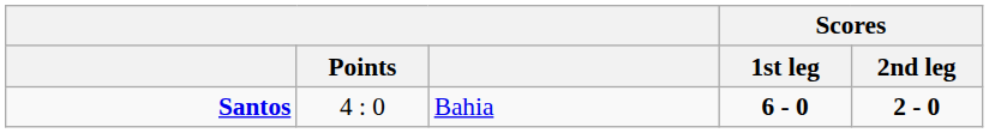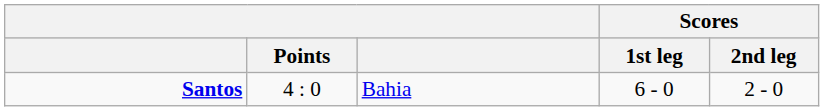 <table class="wikitable" style="text-align:center;">
 <tr>
 <th colspan=3></th>
 <th colspan=3>Scores</th>
 </tr>
 <tr>
 <th width="175"></th>
 <th width="75">Points</th>
 <th width="175"></th>
 <th width="75">1st leg</th>
 <th width="75">2nd leg</th>
 </tr>
 <tr>
 <td align=right><strong><a href='#'>Santos</a></strong></td>
 <td>4 : 0</td>
 <td align=left><a href='#'>Bahia</a></td>
-<td><strong>6 - 0</strong></td>
-<td><strong>2 - 0</strong></td>
+<td>6 - 0</td>
+<td>2 - 0</td>
 </tr>
 </table>
